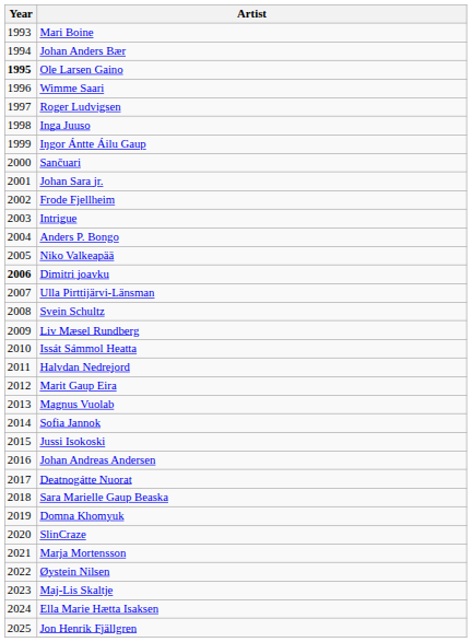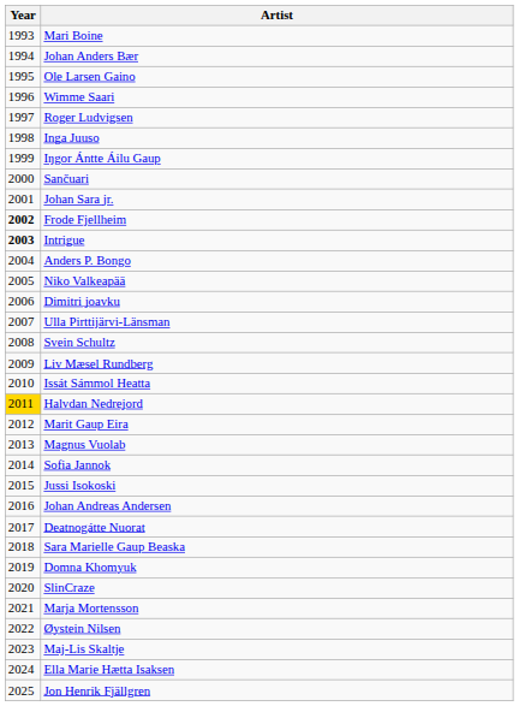 <table class="wikitable" width=50%>
 <tr>
 <th width="7%">Year</th>
 <th width="93%">Artist</th>
 </tr>
 <tr>
 <td>1993</td>
 <td><a href='#'>Mari Boine</a></td>
 </tr>
 <tr>
 <td>1994</td>
 <td><a href='#'>Johan Anders Bær</a></td>
 </tr>
 <tr>
-<td><strong>1995</strong></td>
+<td>1995</td>
 <td><a href='#'>Ole Larsen Gaino</a></td>
 </tr>
 <tr>
 <td>1996</td>
 <td><a href='#'>Wimme Saari</a></td>
 </tr>
 <tr>
 <td>1997</td>
 <td><a href='#'>Roger Ludvigsen</a></td>
 </tr>
 <tr>
 <td>1998</td>
 <td><a href='#'>Inga Juuso</a></td>
 </tr>
 <tr>
 <td>1999</td>
 <td><a href='#'>Iŋgor Ántte Áilu Gaup</a></td>
 </tr>
 <tr>
 <td>2000</td>
 <td><a href='#'>Sančuari</a></td>
 </tr>
 <tr>
 <td>2001</td>
 <td><a href='#'>Johan Sara jr.</a></td>
 </tr>
 <tr>
-<td>2002</td>
+<td><strong>2002</strong></td>
 <td><a href='#'>Frode Fjellheim</a></td>
 </tr>
 <tr>
-<td>2003</td>
+<td><strong>2003</strong></td>
 <td><a href='#'>Intrigue</a></td>
 </tr>
 <tr>
 <td>2004</td>
 <td><a href='#'>Anders P. Bongo</a></td>
 </tr>
 <tr>
 <td>2005</td>
 <td><a href='#'>Niko Valkeapää</a></td>
 </tr>
 <tr>
-<td><strong>2006</strong></td>
+<td>2006</td>
 <td><a href='#'>Dimitri joavku</a></td>
 </tr>
 <tr>
 <td>2007</td>
 <td><a href='#'>Ulla Pirttijärvi-Länsman</a></td>
 </tr>
 <tr>
 <td>2008</td>
 <td><a href='#'>Svein Schultz</a></td>
 </tr>
 <tr>
 <td>2009</td>
 <td><a href='#'>Liv Mæsel Rundberg</a></td>
 </tr>
 <tr>
 <td>2010</td>
 <td><a href='#'>Issát Sámmol Heatta</a></td>
 </tr>
 <tr>
-<td>2011</td>
+<td style="background: gold;">2011</td>
 <td><a href='#'>Halvdan Nedrejord</a></td>
 </tr>
 <tr>
 <td>2012</td>
 <td><a href='#'>Marit Gaup Eira</a></td>
 </tr>
 <tr>
 <td>2013</td>
 <td><a href='#'>Magnus Vuolab</a></td>
 </tr>
 <tr>
 <td>2014</td>
 <td><a href='#'>Sofia Jannok</a></td>
 </tr>
 <tr>
 <td>2015</td>
 <td><a href='#'>Jussi Isokoski</a></td>
 </tr>
 <tr>
 <td>2016</td>
 <td><a href='#'>Johan Andreas Andersen</a></td>
 </tr>
 <tr>
 <td>2017</td>
 <td><a href='#'>Deatnogátte Nuorat</a></td>
 </tr>
 <tr>
 <td>2018</td>
 <td><a href='#'>Sara Marielle Gaup Beaska</a></td>
 </tr>
 <tr>
 <td>2019</td>
 <td><a href='#'>Domna Khomyuk</a></td>
 </tr>
 <tr>
 <td>2020</td>
 <td><a href='#'>SlinCraze</a></td>
 </tr>
 <tr>
 <td>2021</td>
 <td><a href='#'>Marja Mortensson</a></td>
 </tr>
 <tr>
 <td>2022</td>
 <td><a href='#'>Øystein Nilsen</a></td>
 </tr>
 <tr>
 <td>2023</td>
 <td><a href='#'>Maj-Lis Skaltje</a></td>
 </tr>
 <tr>
 <td>2024</td>
 <td><a href='#'>Ella Marie Hætta Isaksen</a></td>
 </tr>
 <tr>
 <td>2025</td>
 <td><a href='#'>Jon Henrik Fjällgren</a></td>
 </tr>
 </table>
